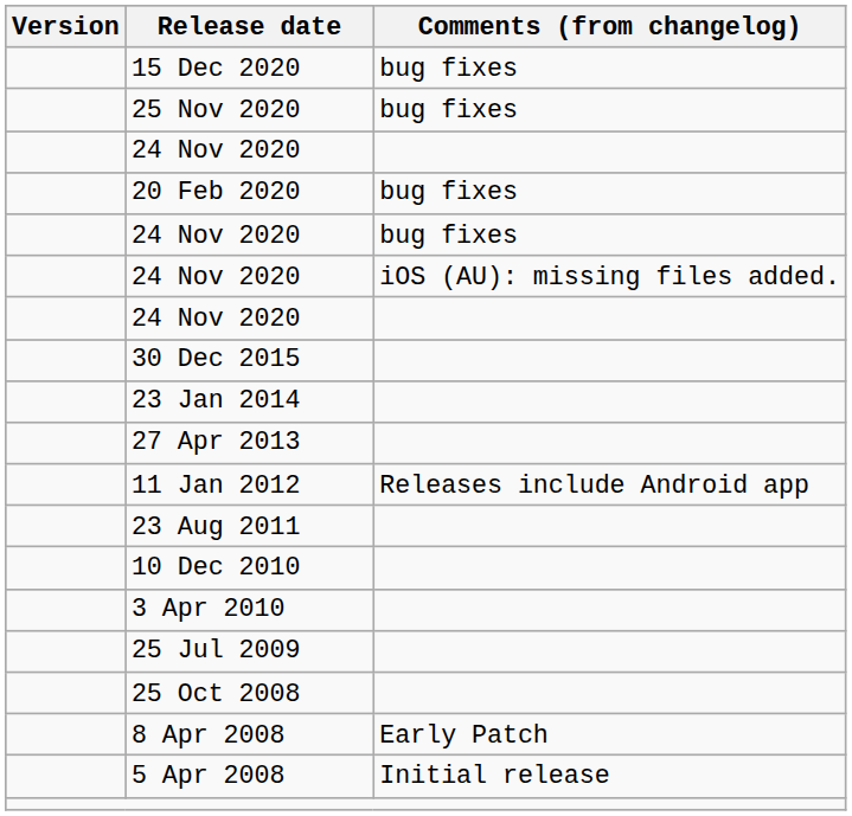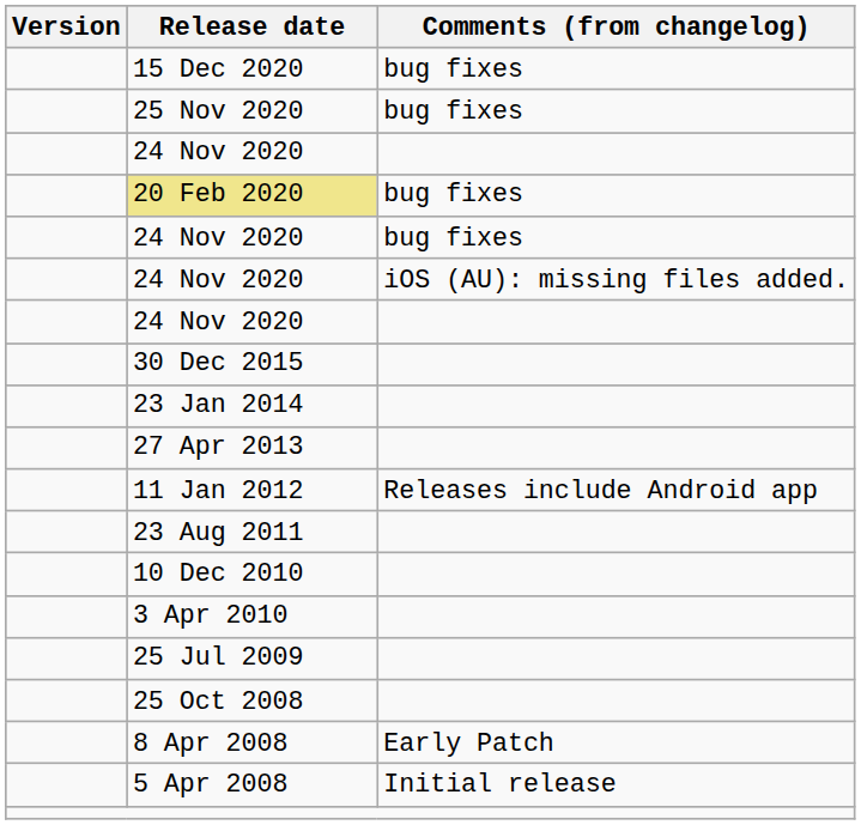 <table class="wikitable sortable">
 <tr>
 <th scope="col">Version</th>
 <th scope="col">Release date</th>
 <th scope="col">Comments (from changelog)</th>
 </tr>
 <tr>
 <td></td>
 <td style="width:120px">15 Dec 2020</td>
 <td>bug fixes</td>
 </tr>
 <tr>
 <td></td>
 <td style="width:120px">25 Nov 2020</td>
 <td>bug fixes</td>
 </tr>
 <tr>
 <td></td>
 <td style="width:120px">24 Nov 2020</td>
 <td></td>
 </tr>
 <tr>
 <td></td>
-<td style="width:120px">20 Feb 2020</td>
+<td style="background: khaki; width:120px">20 Feb 2020</td>
 <td>bug fixes</td>
 </tr>
 <tr>
 <td></td>
 <td style="width:120px">24 Nov 2020</td>
 <td>bug fixes</td>
 </tr>
 <tr>
 <td></td>
 <td style="width:120px">24 Nov 2020</td>
 <td>iOS (AU): missing files added.</td>
 </tr>
 <tr>
 <td></td>
 <td style="width:120px">24 Nov 2020</td>
 <td></td>
 </tr>
 <tr>
 <td></td>
 <td style="width:120px">30 Dec 2015</td>
 <td></td>
 </tr>
 <tr>
 <td></td>
 <td style="width:120px">23 Jan 2014</td>
 <td></td>
 </tr>
 <tr>
 <td></td>
 <td style="width:120px">27 Apr 2013</td>
 <td></td>
 </tr>
 <tr>
 <td></td>
 <td style="width:120px">11 Jan 2012</td>
 <td>Releases include Android app</td>
 </tr>
 <tr>
 <td></td>
 <td style="width:120px">23 Aug 2011</td>
 <td></td>
 </tr>
 <tr>
 <td></td>
 <td style="width:120px">10 Dec 2010</td>
 <td></td>
 </tr>
 <tr>
 <td></td>
 <td style="width:120px">3 Apr 2010</td>
 <td></td>
 </tr>
 <tr>
 <td></td>
 <td style="width:120px">25 Jul 2009</td>
 <td></td>
 </tr>
 <tr>
 <td></td>
 <td style="width:120px">25 Oct 2008</td>
 <td></td>
 </tr>
 <tr>
 <td></td>
 <td style="width:120px">8 Apr 2008</td>
 <td>Early Patch</td>
 </tr>
 <tr>
 <td></td>
 <td style="width:120px">5 Apr 2008</td>
 <td>Initial release</td>
 </tr>
 <tr>
 <td colspan="10"></td>
 </tr>
 </table>
